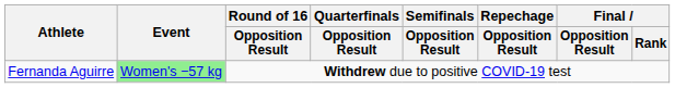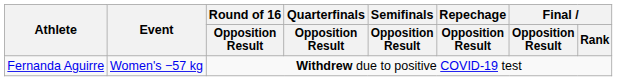 <table class="wikitable" style="font-size:90%;">
 <tr>
 <th rowspan=2>Athlete</th>
 <th rowspan=2>Event</th>
 <th>Round of 16</th>
 <th>Quarterfinals</th>
 <th>Semifinals</th>
 <th>Repechage</th>
 <th colspan=2>Final / </th>
 </tr>
 <tr style="font-size:95%">
 <th>Opposition<br>Result</th>
 <th>Opposition<br>Result</th>
 <th>Opposition<br>Result</th>
 <th>Opposition<br>Result</th>
 <th>Opposition<br>Result</th>
 <th>Rank</th>
 </tr>
 <tr align=center>
 <td align=left><a href='#'>Fernanda Aguirre</a></td>
-<td align=left style="background: lightgreen;"><a href='#'>Women's −57 kg</a></td>
+<td align=left><a href='#'>Women's −57 kg</a></td>
 <td colspan=6><strong>Withdrew</strong> due to positive <a href='#'>COVID-19</a> test</td>
 </tr>
 </table>
